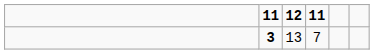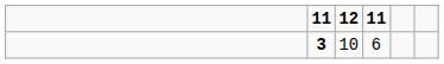 <table class="wikitable">
 <tr>
 <td style="width:18em"><strong></strong></td>
 <td align=center style="width:1em"><strong>11</strong></td>
 <td align=center style="width:1em"><strong>12</strong></td>
 <td align=center style="width:1em"><strong>11</strong></td>
 <td align=center style="width:1em"></td>
 <td align=center style="width:1em"></td>
 </tr>
 <tr>
 <td style="width:18em"></td>
 <td align=center style="width:1em"><strong>3</strong></td>
-<td align=center style="width:1em">13</td>
-<td align=center style="width:1em">7</td>
+<td align=center style="width:1em">10</td>
+<td align=center style="width:1em">6</td>
 <td align=center style="width:1em"></td>
 <td align=center style="width:1em"></td>
 </tr>
 </table>
